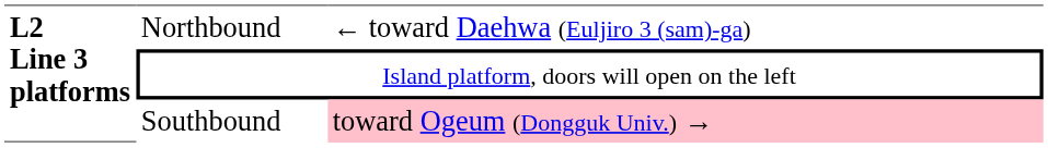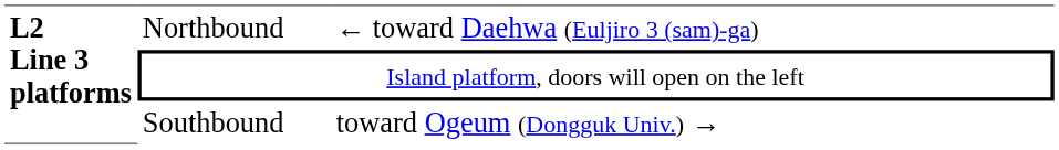 <table table border=0 cellspacing=0 cellpadding=3>
 <tr>
 <td style="border-top:solid 1px gray;border-bottom:solid 1px gray;" width=50 rowspan=10 valign=top><strong>L2<br>Line 3 platforms</strong></td>
 <td style="border-bottom:solid 0px gray;border-top:solid 1px gray;" width=100>Northbound</td>
 <td style="border-bottom:solid 0px gray;border-top:solid 1px gray;" width=390>←  toward <a href='#'>Daehwa</a> <small>(<a href='#'>Euljiro 3 (sam)-ga</a>)</small></td>
 </tr>
 <tr>
 <td style="border: 2px solid black; border-image: none;text-align:center;" colspan="2"><small><a href='#'>Island platform</a>, doors will open on the left</small></td>
 </tr>
 <tr>
 <td>Southbound</td>
-<td style="background: pink;">  toward <a href='#'>Ogeum</a> <small>(<a href='#'>Dongguk Univ.</a>)</small> →</td>
+<td>  toward <a href='#'>Ogeum</a> <small>(<a href='#'>Dongguk Univ.</a>)</small> →</td>
 </tr>
 </table>
